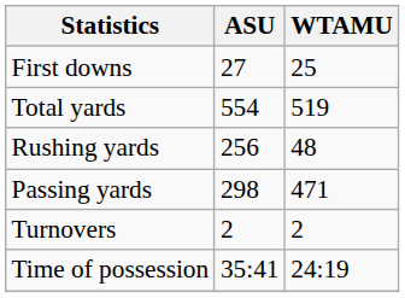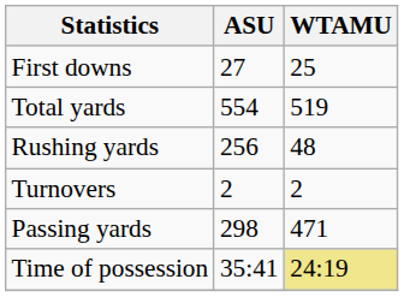 <table class="wikitable">
 <tr>
 <th>Statistics</th>
 <th>ASU</th>
 <th>WTAMU</th>
 </tr>
 <tr>
 <td>First downs</td>
 <td>27</td>
 <td>25</td>
 </tr>
 <tr>
 <td>Total yards</td>
 <td>554</td>
 <td>519</td>
 </tr>
 <tr>
 <td>Rushing yards</td>
 <td>256</td>
 <td>48</td>
 </tr>
 <tr>
+<td>Turnovers</td>
+<td>2</td>
+<td>2</td>
+</tr>
+<tr>
 <td>Passing yards</td>
 <td>298</td>
 <td>471</td>
 </tr>
 <tr>
-<td>Turnovers</td>
-<td>2</td>
-<td>2</td>
-</tr>
-<tr>
 <td>Time of possession</td>
 <td>35:41</td>
-<td>24:19</td>
+<td style="background: khaki;">24:19</td>
 </tr>
 <tr>
 </tr>
 </table>
